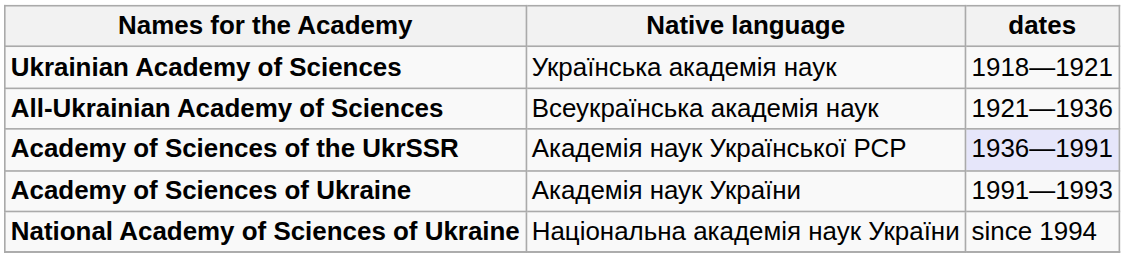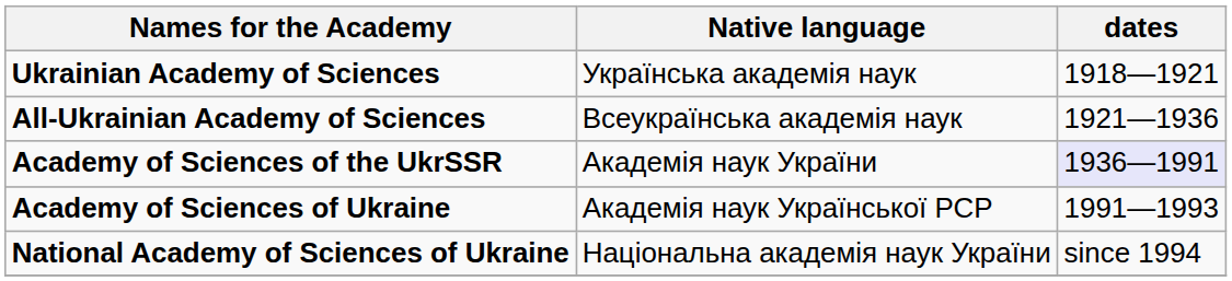 <table class="wikitable" style="float:left;">
 <tr>
 <th>Names for the Academy</th>
 <th>Native language</th>
 <th>dates</th>
 </tr>
 <tr>
 <td><strong>Ukrainian Academy of Sciences</strong></td>
 <td>Українська академія наук</td>
 <td>1918—1921</td>
 </tr>
 <tr>
 <td><strong>All-Ukrainian Academy of Sciences</strong></td>
 <td>Всеукраїнська академія наук</td>
 <td>1921—1936</td>
 </tr>
 <tr>
 <td><strong>Academy of Sciences of the UkrSSR</strong></td>
-<td>Академія наук Української РСР</td>
+<td>Академія наук України</td>
 <td style="background: lavender;">1936—1991</td>
 </tr>
 <tr>
 <td><strong>Academy of Sciences of Ukraine</strong></td>
-<td>Академія наук України</td>
+<td>Академія наук Української РСР</td>
 <td>1991—1993</td>
 </tr>
 <tr>
 <td><strong>National Academy of Sciences of Ukraine</strong></td>
 <td>Національна академія наук України</td>
 <td>since 1994</td>
 </tr>
 <tr>
 </tr>
 </table>
